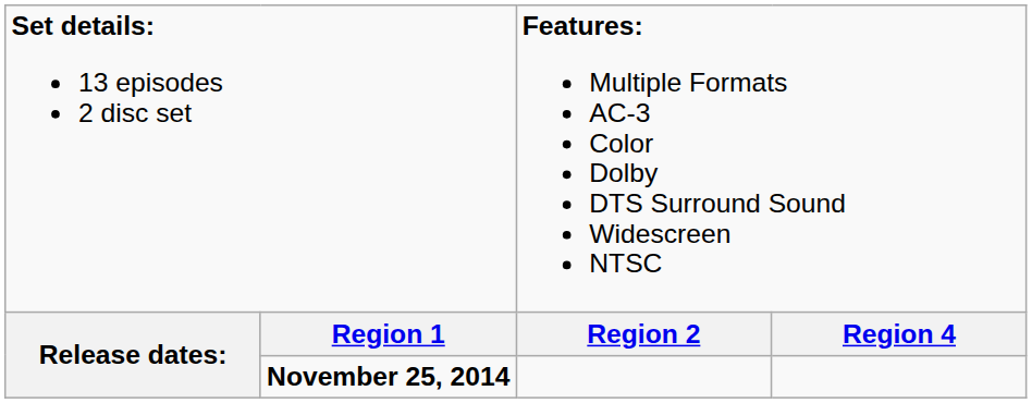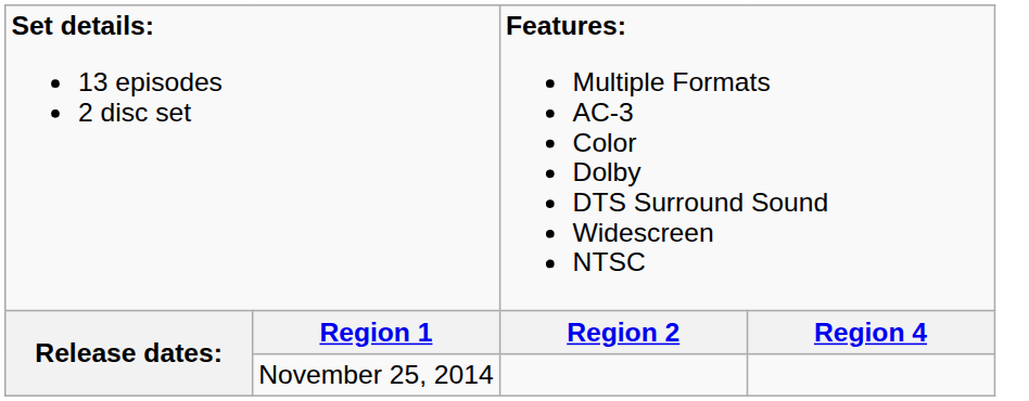 <table class="wikitable">
 <tr>
 <td colspan="2" width="30%" valign="top"><strong>Set details:</strong><br><ul><li>13 episodes</li><li>2 disc set</li></ul></td>
 <td colspan="3" valign=top><strong>Features:</strong><br><ul><li>Multiple Formats</li><li>AC-3</li><li>Color</li><li>Dolby</li><li>DTS Surround Sound</li><li>Widescreen</li><li>NTSC</li></ul></td>
 </tr>
 <tr>
 <th rowspan="2" width="25%">Release dates:</th>
 <th width="25%"><a href='#'>Region 1</a></th>
 <th width="25%"><a href='#'>Region 2</a></th>
 <th width="25%"><a href='#'>Region 4</a></th>
 </tr>
 <tr>
-<td align="center"><strong>November 25, 2014</strong></td>
+<td align="center">November 25, 2014</td>
 <td align="center"></td>
 <td align="center"></td>
 </tr>
 </table>
